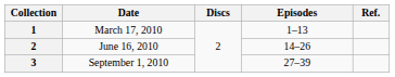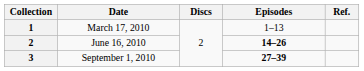 <table class="wikitable" style="text-align:center;">
 <tr>
 <th scope="col" style="width:5em;">Collection</th>
 <th scope="col" style="width:12em;">Date</th>
 <th scope="col" style="width:4em;">Discs</th>
 <th scope="col" style="width:10em;">Episodes</th>
 <th scope="col" style="width:3em;">Ref.</th>
 </tr>
 <tr>
 <th scope="row">1</th>
 <td>March 17, 2010</td>
 <td rowspan="3">2</td>
 <td>1–13</td>
 <td></td>
 </tr>
 <tr>
 <th scope="row">2</th>
 <td>June 16, 2010</td>
-<td>14–26</td>
+<td><strong>14–26</strong></td>
 <td></td>
 </tr>
 <tr>
 <th scope="row">3</th>
 <td>September 1, 2010</td>
-<td>27–39</td>
+<td><strong>27–39</strong></td>
 <td></td>
 </tr>
 </table>
